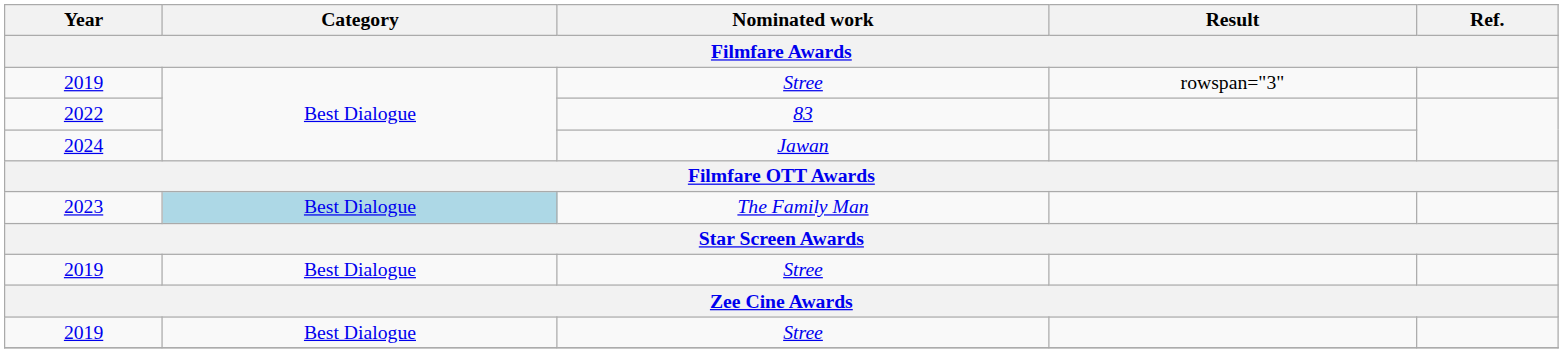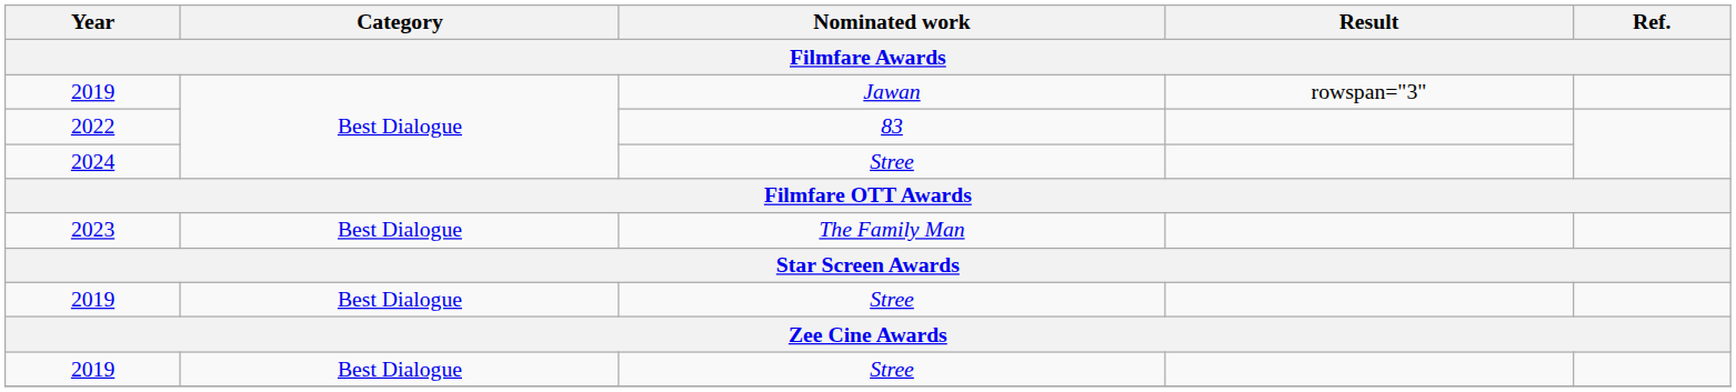 <table class="wikitable sortable" style="width: 100%; text-align: center;">
 <tr>
 <th scope="col">Year</th>
 <th scope="col">Category</th>
 <th scope="col">Nominated work</th>
 <th scope="col">Result</th>
 <th scope="col">Ref.</th>
 </tr>
 <tr>
 <th colspan="6" style="background:FFC1CC;"><a href='#'>Filmfare Awards</a></th>
 </tr>
 <tr>
 <td rowspan="1"><a href='#'>2019</a></td>
 <td rowspan="3"><a href='#'>Best Dialogue</a></td>
-<td rowspan="1"><em><a href='#'>Stree</a></em></td>
+<td rowspan="1"><em><a href='#'>Jawan</a></em></td>
 <td>rowspan="3" </td>
 <td></td>
 </tr>
 <tr>
 <td rowspan="1"><a href='#'>2022</a></td>
 <td rowspan="1"><em><a href='#'>83</a></em></td>
 <td></td>
 </tr>
 <tr>
 <td rowspan="1"><a href='#'>2024</a></td>
-<td rowspan="1"><em><a href='#'>Jawan</a></em></td>
+<td rowspan="1"><em><a href='#'>Stree</a></em></td>
 <td></td>
 </tr>
 <tr>
 <th colspan="6" style="background:FFC1CC;"><a href='#'>Filmfare OTT Awards</a></th>
 </tr>
 <tr>
 <td rowspan="1"><a href='#'>2023</a></td>
-<td style="background: lightblue;"><a href='#'>Best Dialogue</a></td>
+<td><a href='#'>Best Dialogue</a></td>
 <td rowspan="1"><em><a href='#'>The Family Man</a></em></td>
 <td></td>
 <td></td>
 </tr>
 <tr>
 <th colspan="6" style="background:FFC1CC;"><a href='#'>Star Screen Awards</a></th>
 </tr>
 <tr>
 <td rowspan="1"><a href='#'>2019</a></td>
 <td><a href='#'>Best Dialogue</a></td>
 <td rowspan="1"><em><a href='#'>Stree</a></em></td>
 <td></td>
 <td></td>
 </tr>
 <tr>
 <th colspan="6" style="background:FFC1CC;"><a href='#'>Zee Cine Awards</a></th>
 </tr>
 <tr>
 <td rowspan="1"><a href='#'>2019</a></td>
 <td><a href='#'>Best Dialogue</a></td>
 <td rowspan="1"><em><a href='#'>Stree</a></em></td>
 <td></td>
 <td></td>
 </tr>
 <tr>
 </tr>
 </table>
